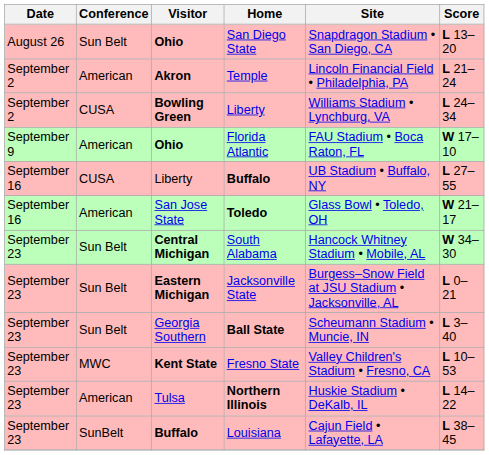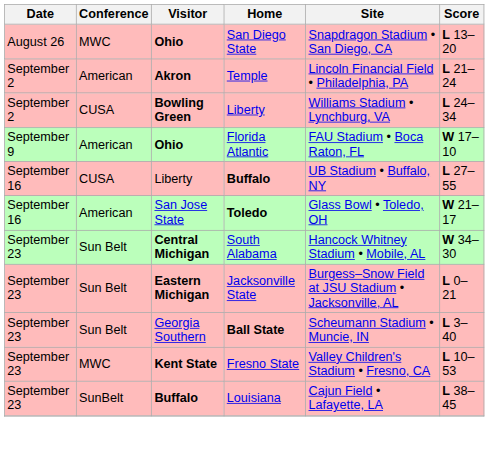 <table class="wikitable">
 <tr>
 <th>Date</th>
 <th>Conference</th>
 <th>Visitor</th>
 <th>Home</th>
 <th>Site</th>
 <th>Score</th>
 </tr>
 <tr style="background:#fbb;">
 <td>August 26</td>
-<td>Sun Belt</td>
+<td>MWC</td>
 <td><strong>Ohio</strong></td>
 <td><a href='#'>San Diego State</a></td>
 <td><a href='#'>Snapdragon Stadium</a> • <a href='#'>San Diego, CA</a></td>
 <td><strong>L</strong> 13–20</td>
 </tr>
 <tr style="background:#fbb;">
 <td>September 2</td>
 <td>American</td>
 <td><strong>Akron</strong></td>
 <td><a href='#'>Temple</a></td>
 <td><a href='#'>Lincoln Financial Field</a> • <a href='#'>Philadelphia, PA</a></td>
 <td><strong>L</strong> 21–24</td>
 </tr>
 <tr style="background:#fbb;">
 <td>September 2</td>
 <td>CUSA</td>
 <td><strong>Bowling Green</strong></td>
 <td><a href='#'>Liberty</a></td>
 <td><a href='#'>Williams Stadium</a> • <a href='#'>Lynchburg, VA</a></td>
 <td><strong>L</strong> 24–34</td>
 </tr>
 <tr style="background:#bfb;">
 <td>September 9</td>
 <td>American</td>
 <td><strong>Ohio</strong></td>
 <td><a href='#'>Florida Atlantic</a></td>
 <td><a href='#'>FAU Stadium</a> • <a href='#'>Boca Raton, FL</a></td>
 <td><strong>W</strong> 17–10</td>
 </tr>
 <tr style="background:#fbb;">
 <td>September 16</td>
 <td>CUSA</td>
 <td>Liberty</td>
 <td><strong>Buffalo</strong></td>
 <td><a href='#'>UB Stadium</a> • <a href='#'>Buffalo, NY</a></td>
 <td><strong>L</strong> 27–55</td>
 </tr>
 <tr style="background:#bfb;">
 <td>September 16</td>
 <td>American</td>
 <td><a href='#'>San Jose State</a></td>
 <td><strong>Toledo</strong></td>
 <td><a href='#'>Glass Bowl</a> • <a href='#'>Toledo, OH</a></td>
 <td><strong>W</strong> 21–17</td>
 </tr>
 <tr style="background:#bfb;">
 <td>September 23</td>
 <td>Sun Belt</td>
 <td><strong>Central Michigan</strong></td>
 <td><a href='#'>South Alabama</a></td>
 <td><a href='#'>Hancock Whitney Stadium</a> • <a href='#'>Mobile, AL</a></td>
 <td><strong>W</strong> 34–30</td>
 </tr>
 <tr style="background:#fbb;">
 <td>September 23</td>
 <td>Sun Belt</td>
 <td><strong>Eastern Michigan</strong></td>
 <td><a href='#'>Jacksonville State</a></td>
 <td><a href='#'>Burgess–Snow Field at JSU Stadium</a> • <a href='#'>Jacksonville, AL</a></td>
 <td><strong>L</strong> 0–21</td>
 </tr>
 <tr style="background:#fbb;">
 <td>September 23</td>
 <td>Sun Belt</td>
 <td><a href='#'>Georgia Southern</a></td>
 <td><strong>Ball State</strong></td>
 <td><a href='#'>Scheumann Stadium</a> • <a href='#'>Muncie, IN</a></td>
 <td><strong>L</strong> 3–40</td>
 </tr>
 <tr style="background:#fbb;">
 <td>September 23</td>
 <td>MWC</td>
 <td><strong>Kent State</strong></td>
 <td><a href='#'>Fresno State</a></td>
 <td><a href='#'>Valley Children's Stadium</a> • <a href='#'>Fresno, CA</a></td>
 <td><strong>L</strong> 10–53</td>
 </tr>
 <tr style="background:#fbb;">
 <td>September 23</td>
-<td>American</td>
-<td><a href='#'>Tulsa</a></td>
-<td><strong>Northern Illinois</strong></td>
-<td><a href='#'>Huskie Stadium</a> • <a href='#'>DeKalb, IL</a></td>
-<td><strong>L</strong> 14–22</td>
-</tr>
-<tr style="background:#fbb;">
-<td>September 23</td>
 <td>SunBelt</td>
 <td><strong>Buffalo</strong></td>
 <td><a href='#'>Louisiana</a></td>
 <td><a href='#'>Cajun Field</a> • <a href='#'>Lafayette, LA</a></td>
 <td><strong>L</strong> 38–45</td>
 </tr>
 <tr>
 </tr>
 </table>
